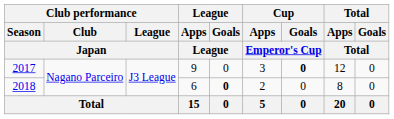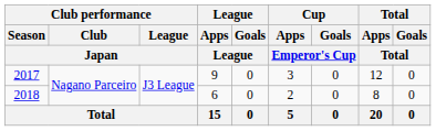 <table class="wikitable" style="text-align:center;">
 <tr>
 <th colspan=3>Club performance</th>
 <th colspan=2>League</th>
 <th colspan=2>Cup</th>
 <th colspan=2>Total</th>
 </tr>
 <tr>
 <th>Season</th>
 <th>Club</th>
 <th>League</th>
 <th>Apps</th>
 <th>Goals</th>
 <th>Apps</th>
 <th>Goals</th>
 <th>Apps</th>
 <th>Goals</th>
 </tr>
 <tr>
 <th colspan=3>Japan</th>
 <th colspan=2>League</th>
 <th colspan=2><a href='#'>Emperor's Cup</a></th>
 <th colspan=2>Total</th>
 </tr>
 <tr>
 <td><a href='#'>2017</a></td>
 <td rowspan="2"><a href='#'>Nagano Parceiro</a></td>
 <td rowspan="2"><a href='#'>J3 League</a></td>
 <td>9</td>
 <td>0</td>
 <td>3</td>
-<td><strong>0</strong></td>
+<td>0</td>
 <td>12</td>
 <td>0</td>
 </tr>
 <tr>
 <td><a href='#'>2018</a></td>
 <td>6</td>
-<td><strong>0</strong></td>
+<td>0</td>
 <td>2</td>
 <td>0</td>
 <td>8</td>
 <td>0</td>
 </tr>
 <tr>
 <th colspan=3>Total</th>
 <th>15</th>
 <th>0</th>
 <th>5</th>
 <th>0</th>
 <th>20</th>
 <th>0</th>
 </tr>
 </table>
